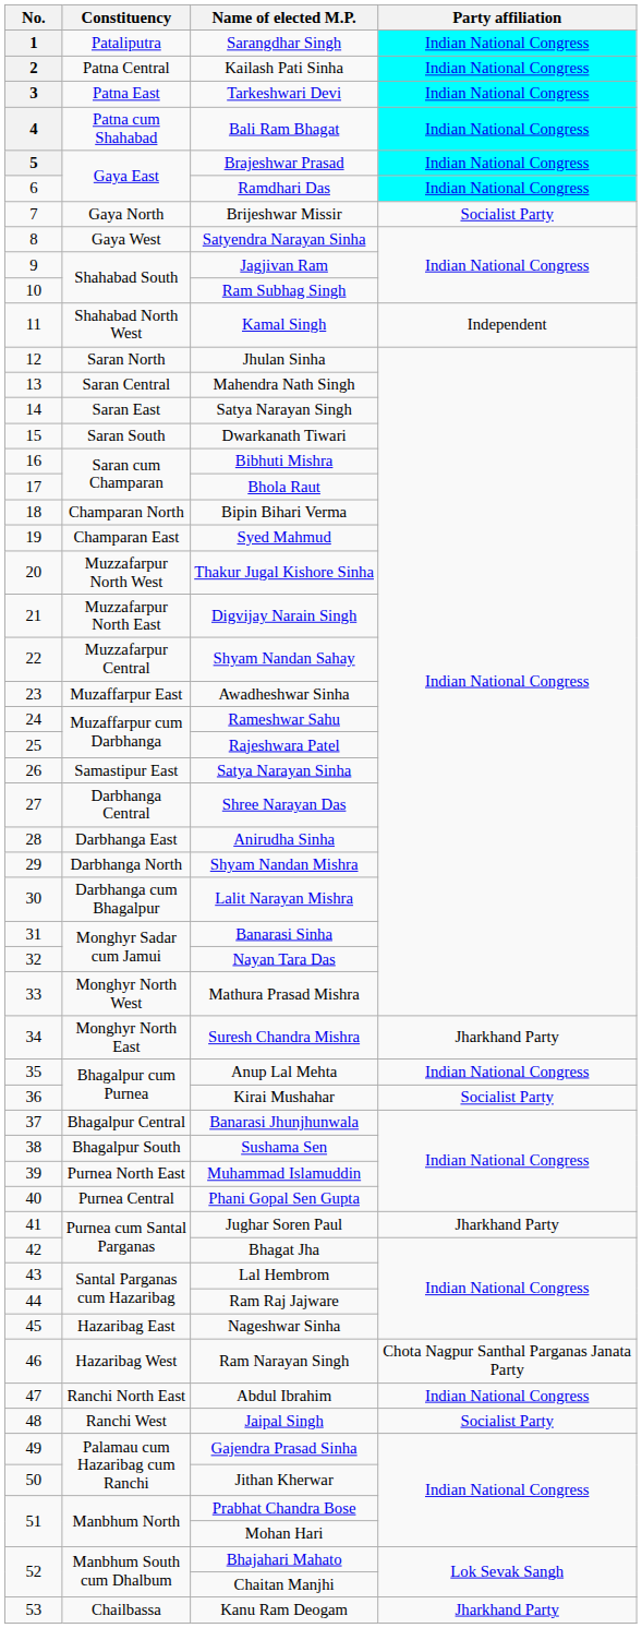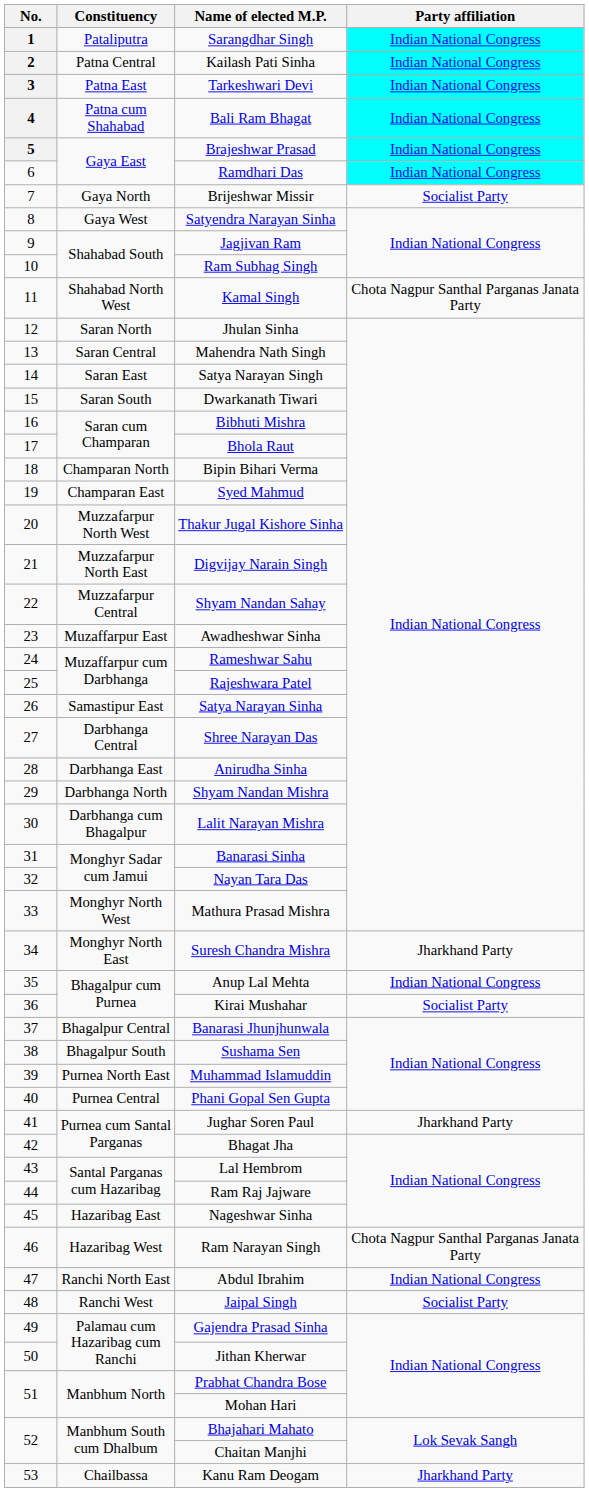 <table class="wikitable sortable" style="text-align:center;">
 <tr style="background:#ccc; text-align:center;">
 <th style="width:50px">No.</th>
 <th style="width:120px">Constituency</th>
 <th style="width:180px">Name of elected M.P.</th>
 <th style="width:250px">Party affiliation</th>
 </tr>
 <tr>
 <th>1</th>
 <td><a href='#'>Pataliputra</a></td>
 <td><a href='#'>Sarangdhar Singh</a></td>
 <td bgcolor=#00FFFF><a href='#'>Indian National Congress</a></td>
 </tr>
 <tr>
 <th>2</th>
 <td>Patna Central</td>
 <td>Kailash Pati Sinha</td>
 <td bgcolor=#00FFFF><a href='#'>Indian National Congress</a></td>
 </tr>
 <tr>
 <th>3</th>
 <td><a href='#'>Patna East</a></td>
 <td><a href='#'>Tarkeshwari Devi</a></td>
 <td bgcolor=#00FFFF><a href='#'>Indian National Congress</a></td>
 </tr>
 <tr>
 <th>4</th>
 <td><a href='#'>Patna cum Shahabad</a></td>
 <td><a href='#'>Bali Ram Bhagat</a></td>
 <td bgcolor=#00FFFF><a href='#'>Indian National Congress</a></td>
 </tr>
 <tr>
 <th>5</th>
 <td rowspan=2><a href='#'>Gaya East</a></td>
 <td><a href='#'>Brajeshwar Prasad</a></td>
 <td bgcolor=#00FFFF><a href='#'>Indian National Congress</a></td>
 </tr>
 <tr>
 <td>6</td>
 <td><a href='#'>Ramdhari Das</a></td>
 <td bgcolor=#00FFFF><a href='#'>Indian National Congress</a></td>
 </tr>
 <tr>
 <td>7</td>
 <td>Gaya North</td>
 <td>Brijeshwar Missir</td>
 <td width="4px" style="background-color: "><a href='#'>Socialist Party</a></td>
 </tr>
 <tr>
 <td>8</td>
 <td>Gaya West</td>
 <td><a href='#'>Satyendra Narayan Sinha</a></td>
 <td rowspan=3 width="4px" style="background-color: "><a href='#'>Indian National Congress</a></td>
 </tr>
 <tr>
 <td>9</td>
 <td rowspan=2>Shahabad South</td>
 <td><a href='#'>Jagjivan Ram</a></td>
 </tr>
 <tr>
 <td>10</td>
 <td><a href='#'>Ram Subhag Singh</a></td>
 </tr>
 <tr>
 <td>11</td>
 <td>Shahabad North West</td>
 <td><a href='#'>Kamal Singh</a></td>
-<td>Independent</td>
+<td>Chota Nagpur Santhal Parganas Janata Party</td>
 </tr>
 <tr>
 <td>12</td>
 <td>Saran North</td>
 <td>Jhulan Sinha</td>
 <td rowspan=22 width="4px" style="background-color: "><a href='#'>Indian National Congress</a></td>
 </tr>
 <tr>
 <td>13</td>
 <td>Saran Central</td>
 <td>Mahendra Nath Singh</td>
 </tr>
 <tr>
 <td>14</td>
 <td>Saran East</td>
 <td>Satya Narayan Singh</td>
 </tr>
 <tr>
 <td>15</td>
 <td>Saran South</td>
 <td>Dwarkanath Tiwari</td>
 </tr>
 <tr>
 <td>16</td>
 <td rowspan=2>Saran cum Champaran</td>
 <td><a href='#'>Bibhuti Mishra</a></td>
 </tr>
 <tr>
 <td>17</td>
 <td><a href='#'>Bhola Raut</a></td>
 </tr>
 <tr>
 <td>18</td>
 <td>Champaran North</td>
 <td>Bipin Bihari Verma</td>
 </tr>
 <tr>
 <td>19</td>
 <td>Champaran East</td>
 <td><a href='#'>Syed Mahmud</a></td>
 </tr>
 <tr>
 <td>20</td>
 <td>Muzzafarpur North West</td>
 <td><a href='#'>Thakur Jugal Kishore Sinha</a></td>
 </tr>
 <tr>
 <td>21</td>
 <td>Muzzafarpur North East</td>
 <td><a href='#'>Digvijay Narain Singh</a></td>
 </tr>
 <tr>
 <td>22</td>
 <td>Muzzafarpur Central</td>
 <td><a href='#'>Shyam Nandan Sahay</a></td>
 </tr>
 <tr>
 <td>23</td>
 <td>Muzaffarpur East</td>
 <td>Awadheshwar Sinha</td>
 </tr>
 <tr>
 <td>24</td>
 <td rowspan=2>Muzaffarpur cum Darbhanga</td>
 <td><a href='#'>Rameshwar Sahu</a></td>
 </tr>
 <tr>
 <td>25</td>
 <td><a href='#'>Rajeshwara Patel</a></td>
 </tr>
 <tr>
 <td>26</td>
 <td>Samastipur East</td>
 <td><a href='#'>Satya Narayan Sinha</a></td>
 </tr>
 <tr>
 <td>27</td>
 <td>Darbhanga Central</td>
 <td><a href='#'>Shree Narayan Das</a></td>
 </tr>
 <tr>
 <td>28</td>
 <td>Darbhanga East</td>
 <td><a href='#'>Anirudha Sinha</a></td>
 </tr>
 <tr>
 <td>29</td>
 <td>Darbhanga North</td>
 <td><a href='#'>Shyam Nandan Mishra</a></td>
 </tr>
 <tr>
 <td>30</td>
 <td>Darbhanga cum Bhagalpur</td>
 <td><a href='#'>Lalit Narayan Mishra</a></td>
 </tr>
 <tr>
 <td>31</td>
 <td rowspan=2>Monghyr Sadar cum Jamui</td>
 <td><a href='#'>Banarasi Sinha</a></td>
 </tr>
 <tr>
 <td>32</td>
 <td><a href='#'>Nayan Tara Das</a></td>
 </tr>
 <tr>
 <td>33</td>
 <td>Monghyr North West</td>
 <td>Mathura Prasad Mishra</td>
 </tr>
 <tr>
 <td>34</td>
 <td>Monghyr North East</td>
 <td><a href='#'>Suresh Chandra Mishra</a></td>
 <td>Jharkhand Party</td>
 </tr>
 <tr>
 <td>35</td>
 <td rowspan=2>Bhagalpur cum Purnea</td>
 <td>Anup Lal Mehta</td>
 <td width="4px" style="background-color: "><a href='#'>Indian National Congress</a></td>
 </tr>
 <tr>
 <td>36</td>
 <td>Kirai Mushahar</td>
 <td><a href='#'>Socialist Party</a></td>
 </tr>
 <tr>
 <td>37</td>
 <td>Bhagalpur Central</td>
 <td><a href='#'>Banarasi Jhunjhunwala</a></td>
 <td rowspan=4 width="4px" style="background-color: "><a href='#'>Indian National Congress</a></td>
 </tr>
 <tr>
 <td>38</td>
 <td>Bhagalpur South</td>
 <td><a href='#'>Sushama Sen</a></td>
 </tr>
 <tr>
 <td>39</td>
 <td>Purnea North East</td>
 <td><a href='#'>Muhammad Islamuddin</a></td>
 </tr>
 <tr>
 <td>40</td>
 <td>Purnea Central</td>
 <td><a href='#'>Phani Gopal Sen Gupta</a></td>
 </tr>
 <tr>
 <td>41</td>
 <td rowspan=2>Purnea cum Santal Parganas</td>
 <td>Jughar Soren Paul</td>
 <td>Jharkhand Party</td>
 </tr>
 <tr>
 <td>42</td>
 <td>Bhagat Jha</td>
 <td rowspan=4 width="4px" style="background-color: "><a href='#'>Indian National Congress</a></td>
 </tr>
 <tr>
 <td>43</td>
 <td rowspan=2>Santal Parganas cum Hazaribag</td>
 <td>Lal Hembrom</td>
 </tr>
 <tr>
 <td>44</td>
 <td>Ram Raj Jajware</td>
 </tr>
 <tr>
 <td>45</td>
 <td>Hazaribag East</td>
 <td>Nageshwar Sinha</td>
 </tr>
 <tr>
 <td>46</td>
 <td>Hazaribag West</td>
 <td>Ram Narayan Singh</td>
 <td>Chota Nagpur Santhal Parganas Janata Party</td>
 </tr>
 <tr>
 <td>47</td>
 <td>Ranchi North East</td>
 <td>Abdul Ibrahim</td>
 <td width="4px" style="background-color: "><a href='#'>Indian National Congress</a></td>
 </tr>
 <tr>
 <td>48</td>
 <td>Ranchi West</td>
 <td><a href='#'>Jaipal Singh</a></td>
 <td><a href='#'>Socialist Party</a></td>
 </tr>
 <tr>
 <td>49</td>
 <td rowspan=2>Palamau cum Hazaribag cum Ranchi</td>
 <td><a href='#'>Gajendra Prasad Sinha</a></td>
 <td rowspan=4 width="4px" style="background-color: "><a href='#'>Indian National Congress</a></td>
 </tr>
 <tr>
 <td>50</td>
 <td>Jithan Kherwar</td>
 </tr>
 <tr>
 <td rowspan="2">51</td>
 <td rowspan=2>Manbhum North</td>
 <td><a href='#'>Prabhat Chandra Bose</a></td>
 </tr>
 <tr>
 <td>Mohan Hari</td>
 </tr>
 <tr>
 <td rowspan="2">52</td>
 <td rowspan=2>Manbhum South cum Dhalbum</td>
 <td><a href='#'>Bhajahari Mahato</a></td>
 <td rowspan=2><a href='#'>Lok Sevak Sangh</a></td>
 </tr>
 <tr>
 <td>Chaitan Manjhi</td>
 </tr>
 <tr>
 <td>53</td>
 <td>Chailbassa</td>
 <td>Kanu Ram Deogam</td>
 <td><a href='#'>Jharkhand Party</a></td>
 </tr>
 </table>
